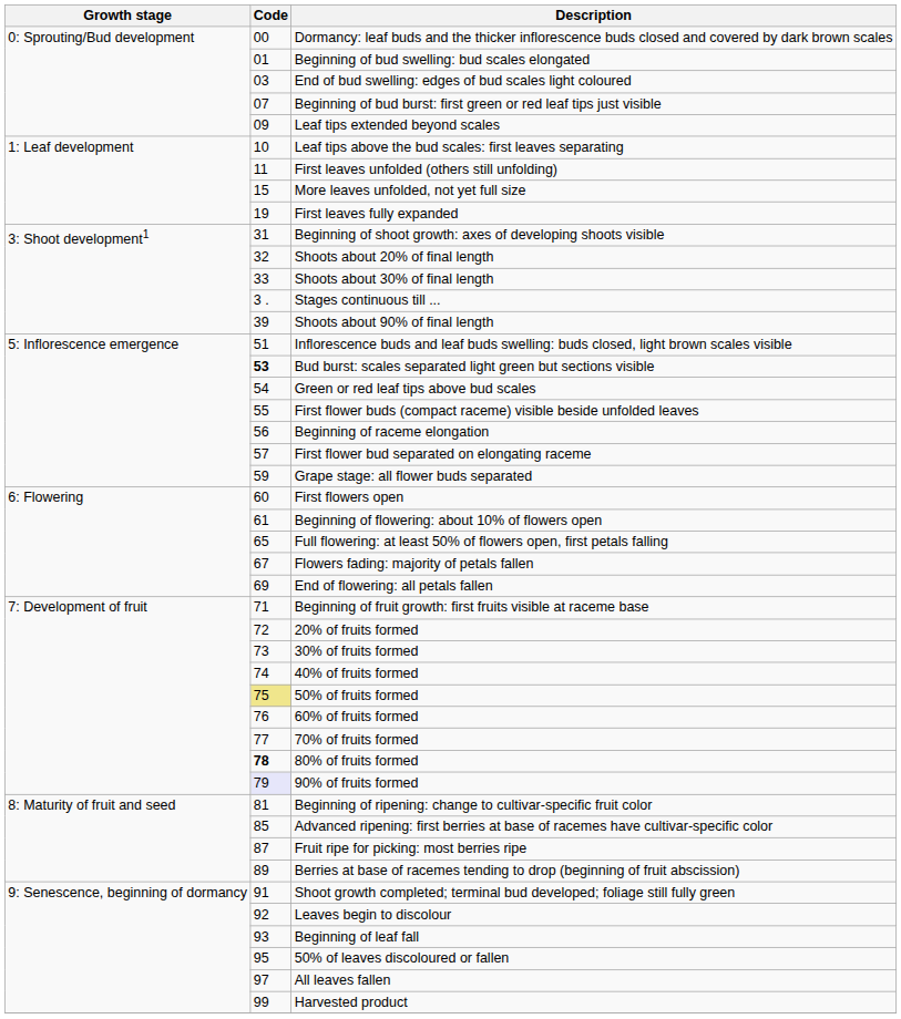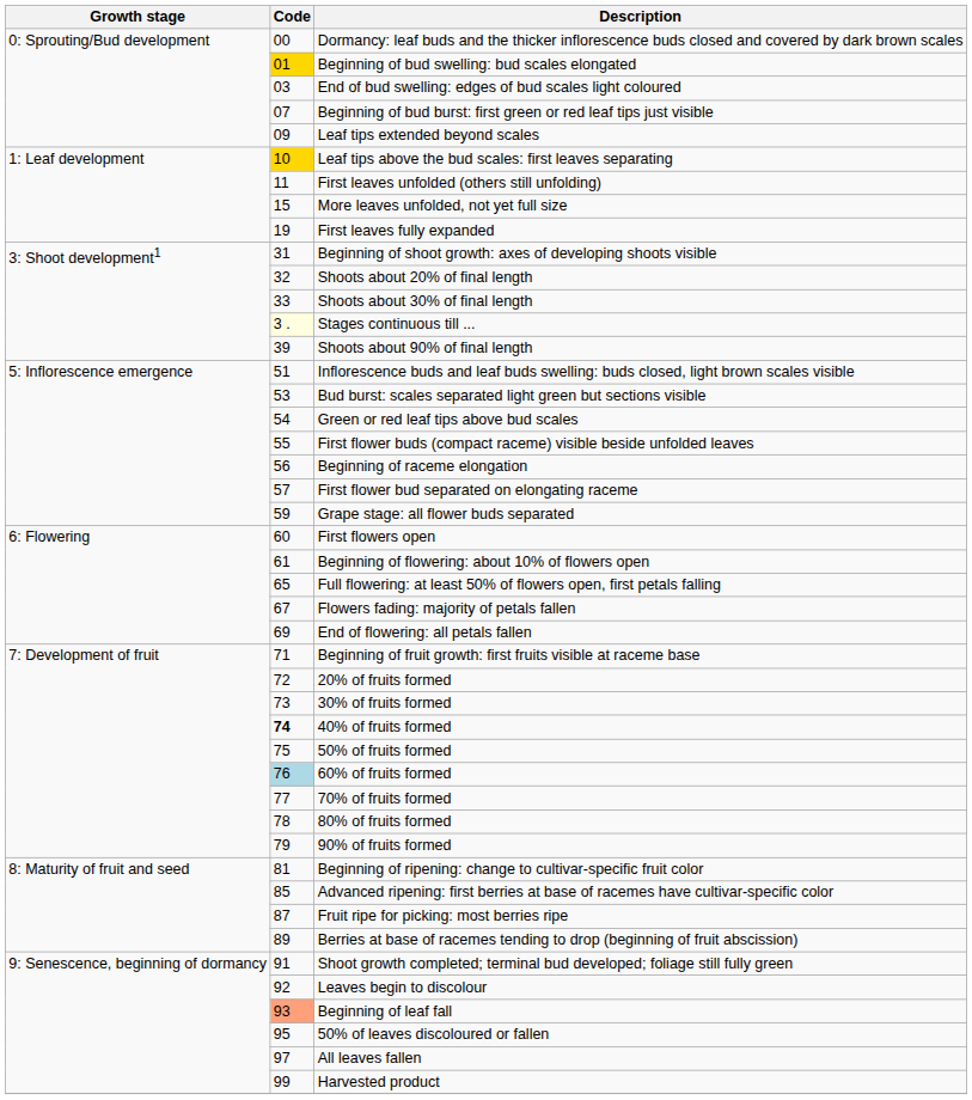 <table class="wikitable" style="clear">
 <tr>
 <th>Growth stage</th>
 <th>Code</th>
 <th>Description</th>
 </tr>
 <tr>
 <td rowspan="5" style="vertical-align:top">0: Sprouting/Bud development</td>
 <td>00</td>
 <td>Dormancy: leaf buds and the thicker inflorescence buds closed and covered by dark brown scales</td>
 </tr>
 <tr>
-<td>01</td>
+<td style="background: gold;">01</td>
 <td>Beginning of bud swelling: bud scales elongated</td>
 </tr>
 <tr>
 <td>03</td>
 <td>End of bud swelling: edges of bud scales light coloured</td>
 </tr>
 <tr>
 <td>07</td>
 <td>Beginning of bud burst: first green or red leaf tips just visible</td>
 </tr>
 <tr>
 <td>09</td>
 <td>Leaf tips extended beyond scales</td>
 </tr>
 <tr>
 <td rowspan="4" style="vertical-align:top">1: Leaf development</td>
-<td>10</td>
+<td style="background: gold;">10</td>
 <td>Leaf tips above the bud scales: first leaves separating</td>
 </tr>
 <tr>
 <td>11</td>
 <td>First leaves unfolded (others still unfolding)</td>
 </tr>
 <tr>
 <td>15</td>
 <td>More leaves unfolded, not yet full size</td>
 </tr>
 <tr>
 <td>19</td>
 <td>First leaves fully expanded</td>
 </tr>
 <tr>
 <td rowspan="5" style="vertical-align:top">3: Shoot development<sup>1</sup></td>
 <td>31</td>
 <td>Beginning of shoot growth: axes of developing shoots visible</td>
 </tr>
 <tr>
 <td>32</td>
 <td>Shoots about 20% of final length</td>
 </tr>
 <tr>
 <td>33</td>
 <td>Shoots about 30% of final length</td>
 </tr>
 <tr>
-<td>3 .</td>
+<td style="background: lightyellow;">3 .</td>
 <td>Stages continuous till ...</td>
 </tr>
 <tr>
 <td>39</td>
 <td>Shoots about 90% of final length</td>
 </tr>
 <tr>
 <td rowspan="7" style="vertical-align:top">5: Inflorescence emergence</td>
 <td>51</td>
 <td>Inflorescence buds and leaf buds swelling: buds closed, light brown scales visible</td>
 </tr>
 <tr>
-<td><strong>53</strong></td>
+<td>53</td>
 <td>Bud burst: scales separated light green but sections visible</td>
 </tr>
 <tr>
 <td>54</td>
 <td>Green or red leaf tips above bud scales</td>
 </tr>
 <tr>
 <td>55</td>
 <td>First flower buds (compact raceme) visible beside unfolded leaves</td>
 </tr>
 <tr>
 <td>56</td>
 <td>Beginning of raceme elongation</td>
 </tr>
 <tr>
 <td>57</td>
 <td>First flower bud separated on elongating raceme</td>
 </tr>
 <tr>
 <td>59</td>
 <td>Grape stage: all flower buds separated</td>
 </tr>
 <tr>
 <td rowspan="5" style="vertical-align:top">6: Flowering</td>
 <td>60</td>
 <td>First flowers open</td>
 </tr>
 <tr>
 <td>61</td>
 <td>Beginning of flowering: about 10% of flowers open</td>
 </tr>
 <tr>
 <td>65</td>
 <td>Full flowering: at least 50% of flowers open, first petals falling</td>
 </tr>
 <tr>
 <td>67</td>
 <td>Flowers fading: majority of petals fallen</td>
 </tr>
 <tr>
 <td>69</td>
 <td>End of flowering: all petals fallen</td>
 </tr>
 <tr>
 <td rowspan="9" style="vertical-align:top">7: Development of fruit</td>
 <td>71</td>
 <td>Beginning of fruit growth: first fruits visible at raceme base</td>
 </tr>
 <tr>
 <td>72</td>
 <td>20% of fruits formed</td>
 </tr>
 <tr>
 <td>73</td>
 <td>30% of fruits formed</td>
 </tr>
 <tr>
-<td>74</td>
+<td><strong>74</strong></td>
 <td>40% of fruits formed</td>
 </tr>
 <tr>
-<td style="background: khaki;">75</td>
+<td>75</td>
 <td>50% of fruits formed</td>
 </tr>
 <tr>
-<td>76</td>
+<td style="background: lightblue;">76</td>
 <td>60% of fruits formed</td>
 </tr>
 <tr>
 <td>77</td>
 <td>70% of fruits formed</td>
 </tr>
 <tr>
-<td><strong>78</strong></td>
+<td>78</td>
 <td>80% of fruits formed</td>
 </tr>
 <tr>
-<td style="background: lavender;">79</td>
+<td>79</td>
 <td>90% of fruits formed</td>
 </tr>
 <tr>
 <td rowspan="4" style="vertical-align:top">8: Maturity of fruit and seed</td>
 <td>81</td>
 <td>Beginning of ripening: change to cultivar-specific fruit color</td>
 </tr>
 <tr>
 <td>85</td>
 <td>Advanced ripening: first berries at base of racemes have cultivar-specific color</td>
 </tr>
 <tr>
 <td>87</td>
 <td>Fruit ripe for picking: most berries ripe</td>
 </tr>
 <tr>
 <td>89</td>
 <td>Berries at base of racemes tending to drop (beginning of fruit abscission)</td>
 </tr>
 <tr>
 <td rowspan="6" style="vertical-align:top">9: Senescence, beginning of dormancy</td>
 <td>91</td>
 <td>Shoot growth completed; terminal bud developed; foliage still fully green</td>
 </tr>
 <tr>
 <td>92</td>
 <td>Leaves begin to discolour</td>
 </tr>
 <tr>
-<td>93</td>
+<td style="background: lightsalmon;">93</td>
 <td>Beginning of leaf fall</td>
 </tr>
 <tr>
 <td>95</td>
 <td>50% of leaves discoloured or fallen</td>
 </tr>
 <tr>
 <td>97</td>
 <td>All leaves fallen</td>
 </tr>
 <tr>
 <td>99</td>
 <td>Harvested product</td>
 </tr>
 <tr>
 </tr>
 </table>
